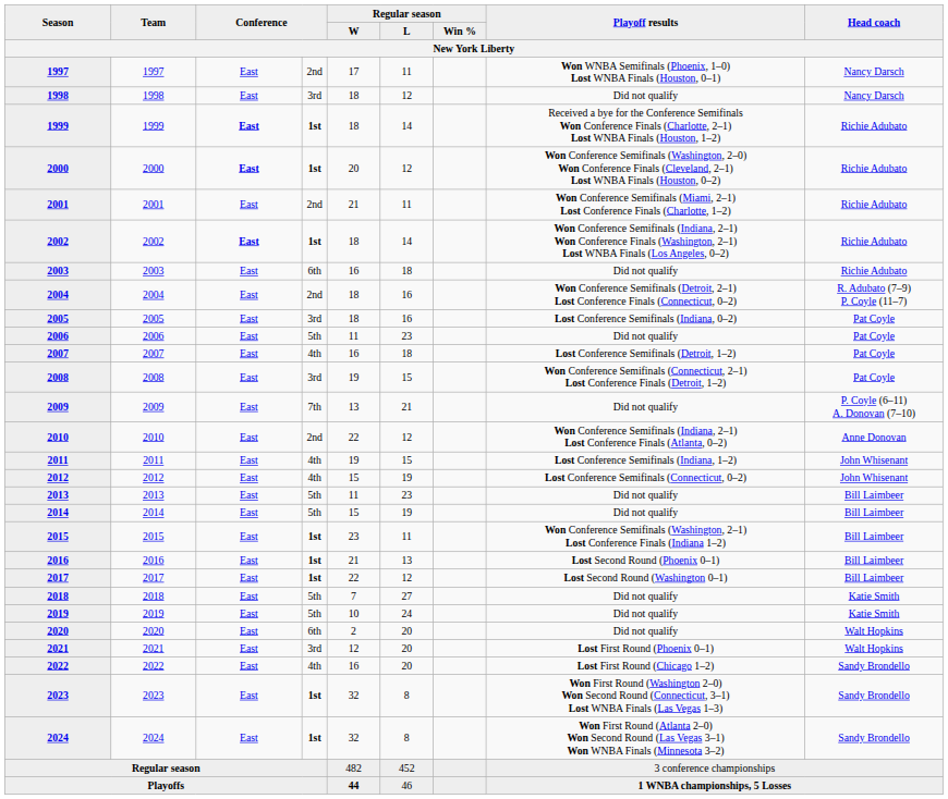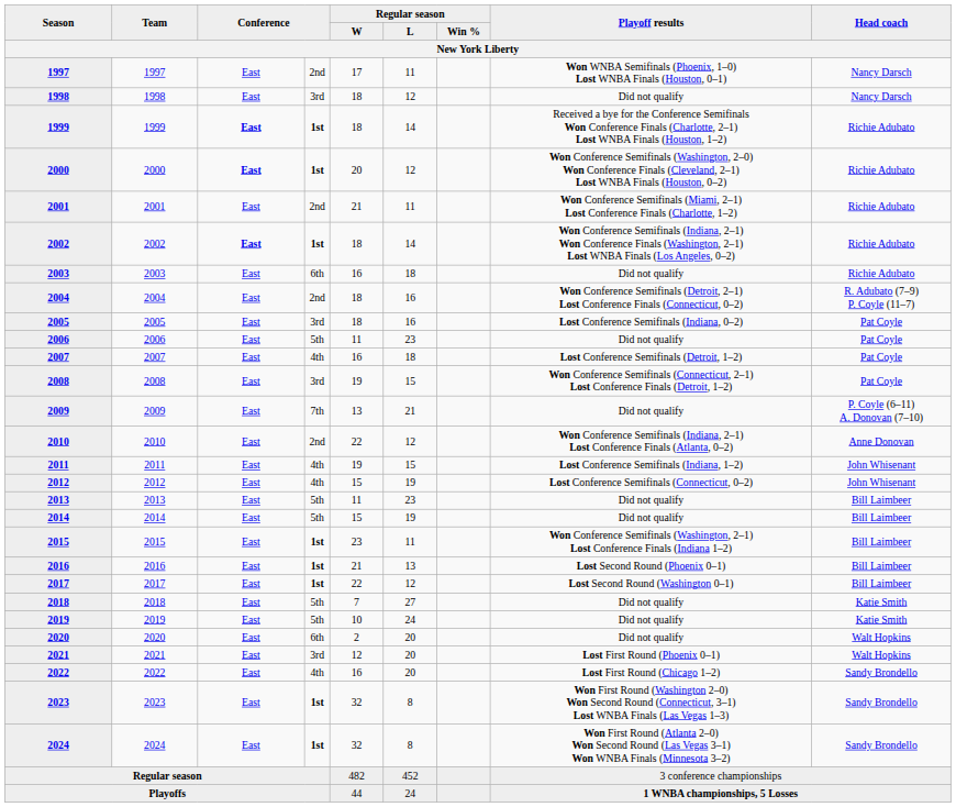 <table class="wikitable" style="font-size:95%; text-align: center; width: 85%; margin:1em auto;">
 <tr>
 <th rowspan="2" style="background:#eee; width: 10%;">Season</th>
 <th rowspan="2" style="background:#eee; width: 8%;">Team</th>
 <th rowspan="2" colspan="2" style="background:#eee; width: 12%;">Conference</th>
 <th colspan="3" style="background:#eee; width: 15%;">Regular season</th>
 <th rowspan="2" style="background:#eee; width: 30%;"><a href='#'>Playoff</a> results</th>
 <th rowspan="2" style="background:#eee; width: 13%;"><a href='#'>Head coach</a></th>
 </tr>
 <tr>
 <th style="background:#eee; width: 5%;">W</th>
 <th style="background:#eee; width: 5%;">L</th>
 <th style="background:#eee; width: 5%;">Win %</th>
 </tr>
 <tr>
 <th colspan="9">New York Liberty</th>
 </tr>
 <tr align="center">
 <th style="background:#eee;"><a href='#'>1997</a></th>
 <td><a href='#'>1997</a></td>
 <td style="width: 10%"><a href='#'>East</a></td>
 <td>2nd</td>
 <td>17</td>
 <td>11</td>
 <td></td>
 <td><strong>Won</strong> WNBA Semifinals (<a href='#'>Phoenix</a>, 1–0)<br><strong>Lost</strong> WNBA Finals (<a href='#'>Houston</a>, 0–1)</td>
 <td><a href='#'>Nancy Darsch</a></td>
 </tr>
 <tr align="center">
 <th style="background:#eee;"><a href='#'>1998</a></th>
 <td><a href='#'>1998</a></td>
 <td style="width: 10%"><a href='#'>East</a></td>
 <td>3rd</td>
 <td>18</td>
 <td>12</td>
 <td></td>
 <td>Did not qualify</td>
 <td><a href='#'>Nancy Darsch</a></td>
 </tr>
 <tr align="center">
 <th style="background:#eee;"><a href='#'>1999</a></th>
 <td><a href='#'>1999</a></td>
 <td style="width: 10%"><strong><a href='#'>East</a></strong></td>
 <td><strong>1st</strong></td>
 <td>18</td>
 <td>14</td>
 <td></td>
 <td>Received a bye for the Conference Semifinals<br><strong>Won</strong> Conference Finals (<a href='#'>Charlotte</a>, 2–1)<br><strong>Lost</strong> WNBA Finals (<a href='#'>Houston</a>, 1–2)</td>
 <td><a href='#'>Richie Adubato</a></td>
 </tr>
 <tr align="center">
 <th style="background:#eee;"><a href='#'>2000</a></th>
 <td><a href='#'>2000</a></td>
 <td style="width: 10%"><strong><a href='#'>East</a></strong></td>
 <td><strong>1st</strong></td>
 <td>20</td>
 <td>12</td>
 <td></td>
 <td><strong>Won</strong> Conference Semifinals (<a href='#'>Washington</a>, 2–0)<br><strong>Won</strong> Conference Finals (<a href='#'>Cleveland</a>, 2–1)<br><strong>Lost</strong> WNBA Finals (<a href='#'>Houston</a>, 0–2)</td>
 <td><a href='#'>Richie Adubato</a></td>
 </tr>
 <tr align="center">
 <th style="background:#eee;"><a href='#'>2001</a></th>
 <td><a href='#'>2001</a></td>
 <td style="width: 10%"><a href='#'>East</a></td>
 <td>2nd</td>
 <td>21</td>
 <td>11</td>
 <td></td>
 <td><strong>Won</strong> Conference Semifinals (<a href='#'>Miami</a>, 2–1)<br><strong>Lost</strong> Conference Finals (<a href='#'>Charlotte</a>, 1–2)</td>
 <td><a href='#'>Richie Adubato</a></td>
 </tr>
 <tr align="center">
 <th style="background:#eee;"><a href='#'>2002</a></th>
 <td><a href='#'>2002</a></td>
 <td style="width: 10%"><strong><a href='#'>East</a></strong></td>
 <td><strong>1st</strong></td>
 <td>18</td>
 <td>14</td>
 <td></td>
 <td><strong>Won</strong> Conference Semifinals (<a href='#'>Indiana</a>, 2–1)<br><strong>Won</strong> Conference Finals (<a href='#'>Washington</a>, 2–1)<br><strong>Lost</strong> WNBA Finals (<a href='#'>Los Angeles</a>, 0–2)</td>
 <td><a href='#'>Richie Adubato</a></td>
 </tr>
 <tr align="center">
 <th style="background:#eee;"><a href='#'>2003</a></th>
 <td><a href='#'>2003</a></td>
 <td style="width: 10%"><a href='#'>East</a></td>
 <td>6th</td>
 <td>16</td>
 <td>18</td>
 <td></td>
 <td>Did not qualify</td>
 <td><a href='#'>Richie Adubato</a></td>
 </tr>
 <tr align="center">
 <th style="background:#eee;"><a href='#'>2004</a></th>
 <td><a href='#'>2004</a></td>
 <td style="width: 10%"><a href='#'>East</a></td>
 <td>2nd</td>
 <td>18</td>
 <td>16</td>
 <td></td>
 <td><strong>Won</strong> Conference Semifinals (<a href='#'>Detroit</a>, 2–1)<br><strong>Lost</strong> Conference Finals (<a href='#'>Connecticut</a>, 0–2)</td>
 <td><a href='#'>R. Adubato</a> (7–9)<br><a href='#'>P. Coyle</a> (11–7)</td>
 </tr>
 <tr align="center">
 <th style="background:#eee;"><a href='#'>2005</a></th>
 <td><a href='#'>2005</a></td>
 <td style="width: 10%"><a href='#'>East</a></td>
 <td>3rd</td>
 <td>18</td>
 <td>16</td>
 <td></td>
 <td><strong>Lost</strong> Conference Semifinals (<a href='#'>Indiana</a>, 0–2)</td>
 <td><a href='#'>Pat Coyle</a></td>
 </tr>
 <tr align="center">
 <th style="background:#eee;"><a href='#'>2006</a></th>
 <td><a href='#'>2006</a></td>
 <td style="width: 10%"><a href='#'>East</a></td>
 <td>5th</td>
 <td>11</td>
 <td>23</td>
 <td></td>
 <td>Did not qualify</td>
 <td><a href='#'>Pat Coyle</a></td>
 </tr>
 <tr align="center">
 <th style="background:#eee;"><a href='#'>2007</a></th>
 <td><a href='#'>2007</a></td>
 <td style="width: 10%"><a href='#'>East</a></td>
 <td>4th</td>
 <td>16</td>
 <td>18</td>
 <td></td>
 <td><strong>Lost</strong> Conference Semifinals (<a href='#'>Detroit</a>, 1–2)</td>
 <td><a href='#'>Pat Coyle</a></td>
 </tr>
 <tr align="center">
 <th style="background:#eee;"><a href='#'>2008</a></th>
 <td><a href='#'>2008</a></td>
 <td style="width: 10%"><a href='#'>East</a></td>
 <td>3rd</td>
 <td>19</td>
 <td>15</td>
 <td></td>
 <td><strong>Won</strong> Conference Semifinals (<a href='#'>Connecticut</a>, 2–1)<br><strong>Lost</strong> Conference Finals (<a href='#'>Detroit</a>, 1–2)</td>
 <td><a href='#'>Pat Coyle</a></td>
 </tr>
 <tr align="center">
 <th style="background:#eee;"><a href='#'>2009</a></th>
 <td><a href='#'>2009</a></td>
 <td style="width: 10%"><a href='#'>East</a></td>
 <td>7th</td>
 <td>13</td>
 <td>21</td>
 <td></td>
 <td>Did not qualify</td>
 <td><a href='#'>P. Coyle</a> (6–11)<br><a href='#'>A. Donovan</a> (7–10)</td>
 </tr>
 <tr align="center">
 <th style="background:#eee;"><a href='#'>2010</a></th>
 <td><a href='#'>2010</a></td>
 <td style="width: 10%"><a href='#'>East</a></td>
 <td>2nd</td>
 <td>22</td>
 <td>12</td>
 <td></td>
 <td><strong>Won</strong> Conference Semifinals (<a href='#'>Indiana</a>, 2–1)<br><strong>Lost</strong> Conference Finals (<a href='#'>Atlanta</a>, 0–2)</td>
 <td><a href='#'>Anne Donovan</a></td>
 </tr>
 <tr align="center">
 <th style="background:#eee;"><a href='#'>2011</a></th>
 <td><a href='#'>2011</a></td>
 <td style="width: 10%"><a href='#'>East</a></td>
 <td>4th</td>
 <td>19</td>
 <td>15</td>
 <td></td>
 <td><strong>Lost</strong> Conference Semifinals (<a href='#'>Indiana</a>, 1–2)</td>
 <td><a href='#'>John Whisenant</a></td>
 </tr>
 <tr align="center">
 <th style="background:#eee;"><a href='#'>2012</a></th>
 <td><a href='#'>2012</a></td>
 <td style="width: 10%"><a href='#'>East</a></td>
 <td>4th</td>
 <td>15</td>
 <td>19</td>
 <td></td>
 <td><strong>Lost</strong> Conference Semifinals (<a href='#'>Connecticut</a>, 0–2)</td>
 <td><a href='#'>John Whisenant</a></td>
 </tr>
 <tr align="center">
 <th style="background:#eee;"><a href='#'>2013</a></th>
 <td><a href='#'>2013</a></td>
 <td style="width: 10%"><a href='#'>East</a></td>
 <td>5th</td>
 <td>11</td>
 <td>23</td>
 <td></td>
 <td>Did not qualify</td>
 <td><a href='#'>Bill Laimbeer</a></td>
 </tr>
 <tr align="center">
 <th style="background:#eee;"><a href='#'>2014</a></th>
 <td><a href='#'>2014</a></td>
 <td style="width: 10%"><a href='#'>East</a></td>
 <td>5th</td>
 <td>15</td>
 <td>19</td>
 <td></td>
 <td>Did not qualify</td>
 <td><a href='#'>Bill Laimbeer</a></td>
 </tr>
 <tr align="center">
 <th style="background:#eee;"><a href='#'>2015</a></th>
 <td><a href='#'>2015</a></td>
 <td style="width: 10%"><a href='#'>East</a></td>
 <td><strong>1st</strong></td>
 <td>23</td>
 <td>11</td>
 <td></td>
 <td><strong>Won</strong> Conference Semifinals (<a href='#'>Washington</a>, 2–1)<br> <strong>Lost</strong> Conference Finals (<a href='#'>Indiana</a> 1–2)</td>
 <td><a href='#'>Bill Laimbeer</a></td>
 </tr>
 <tr align="center">
 <th style="background:#eee;"><a href='#'>2016</a></th>
 <td><a href='#'>2016</a></td>
 <td style="width: 10%"><a href='#'>East</a></td>
 <td><strong>1st</strong></td>
 <td>21</td>
 <td>13</td>
 <td></td>
 <td><strong>Lost</strong> Second Round (<a href='#'>Phoenix</a> 0–1)</td>
 <td><a href='#'>Bill Laimbeer</a></td>
 </tr>
 <tr align="center">
 <th style="background:#eee;"><a href='#'>2017</a></th>
 <td><a href='#'>2017</a></td>
 <td style="width: 10%"><a href='#'>East</a></td>
 <td><strong>1st</strong></td>
 <td>22</td>
 <td>12</td>
 <td></td>
 <td><strong>Lost</strong> Second Round (<a href='#'>Washington</a> 0–1)</td>
 <td><a href='#'>Bill Laimbeer</a></td>
 </tr>
 <tr align="center">
 <th style="background:#eee;"><a href='#'>2018</a></th>
 <td><a href='#'>2018</a></td>
 <td style="width: 10%"><a href='#'>East</a></td>
 <td>5th</td>
 <td>7</td>
 <td>27</td>
 <td></td>
 <td>Did not qualify</td>
 <td><a href='#'>Katie Smith</a></td>
 </tr>
 <tr align="center">
 <th style="background:#eee;"><a href='#'>2019</a></th>
 <td><a href='#'>2019</a></td>
 <td style="width: 10%"><a href='#'>East</a></td>
 <td>5th</td>
 <td>10</td>
 <td>24</td>
 <td></td>
 <td>Did not qualify</td>
 <td><a href='#'>Katie Smith</a></td>
 </tr>
 <tr align="center">
 <th style="background:#eee;"><a href='#'>2020</a></th>
 <td><a href='#'>2020</a></td>
 <td style="width: 10%"><a href='#'>East</a></td>
 <td>6th</td>
 <td>2</td>
 <td>20</td>
 <td></td>
 <td>Did not qualify</td>
 <td><a href='#'>Walt Hopkins</a></td>
 </tr>
 <tr align="center">
 <th style="background:#eee;"><a href='#'>2021</a></th>
 <td><a href='#'>2021</a></td>
 <td style="width: 10%"><a href='#'>East</a></td>
 <td>3rd</td>
 <td>12</td>
 <td>20</td>
 <td></td>
 <td><strong>Lost</strong> First Round (<a href='#'>Phoenix</a> 0–1)</td>
 <td><a href='#'>Walt Hopkins</a></td>
 </tr>
 <tr align="center">
 <th style="background:#eee;"><a href='#'>2022</a></th>
 <td><a href='#'>2022</a></td>
 <td style="width: 10%"><a href='#'>East</a></td>
 <td>4th</td>
 <td>16</td>
 <td>20</td>
 <td></td>
 <td><strong>Lost</strong> First Round (<a href='#'>Chicago</a> 1–2)</td>
 <td><a href='#'>Sandy Brondello</a></td>
 </tr>
 <tr align="center">
 <th style="background:#eee;"><a href='#'>2023</a></th>
 <td><a href='#'>2023</a></td>
 <td style="width: 10%"><a href='#'>East</a></td>
 <td><strong>1st</strong></td>
 <td>32</td>
 <td>8</td>
 <td></td>
 <td><strong>Won</strong> First Round (<a href='#'>Washington</a> 2–0)<br> <strong>Won</strong> Second Round (<a href='#'>Connecticut</a>, 3–1)<br><strong>Lost</strong> WNBA Finals (<a href='#'>Las Vegas</a> 1–3)</td>
 <td><a href='#'>Sandy Brondello</a></td>
 </tr>
 <tr align="center">
 <th style="background:#eee;"><a href='#'>2024</a></th>
 <td><a href='#'>2024</a></td>
 <td style="width: 10%"><a href='#'>East</a></td>
 <td><strong>1st</strong></td>
 <td>32</td>
 <td>8</td>
 <td></td>
 <td><strong>Won</strong> First Round (<a href='#'>Atlanta</a> 2–0)<br><strong>Won</strong> Second Round (<a href='#'>Las Vegas</a> 3–1)<br><strong>Won</strong> WNBA Finals (<a href='#'>Minnesota</a> 3–2)</td>
 <td><a href='#'>Sandy Brondello</a></td>
 </tr>
 <tr>
 <th colspan="4" style="background:#eee;">Regular season</th>
 <td style="background:#eee;">482</td>
 <td style="background:#eee;">452</td>
 <td style="background:#eee;"></td>
 <td colspan="2" style="background:#eee;">3 conference championships</td>
 </tr>
 <tr>
 <th colspan="4" style="background:#eee;">Playoffs</th>
-<td style="background:#eee;"><strong>44</strong></td>
-<td style="background:#eee;">46</td>
+<td style="background:#eee;">44</td>
+<td style="background:#eee;">24</td>
 <td style="background:#eee;"></td>
 <td colspan="2" style="background:#eee;"><strong>1 WNBA championships, 5 Losses</strong></td>
 </tr>
 </table>
